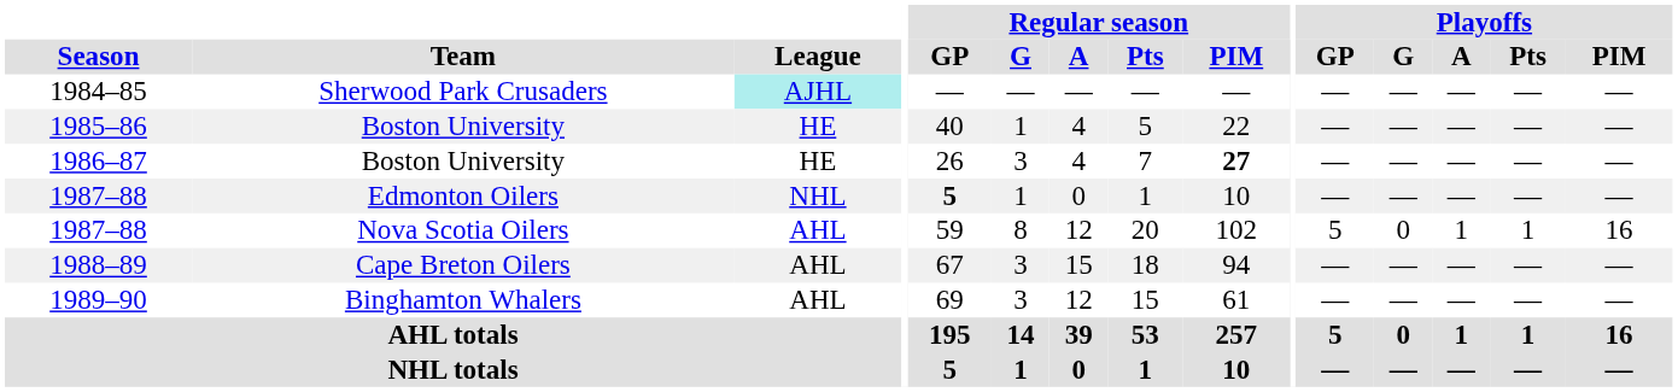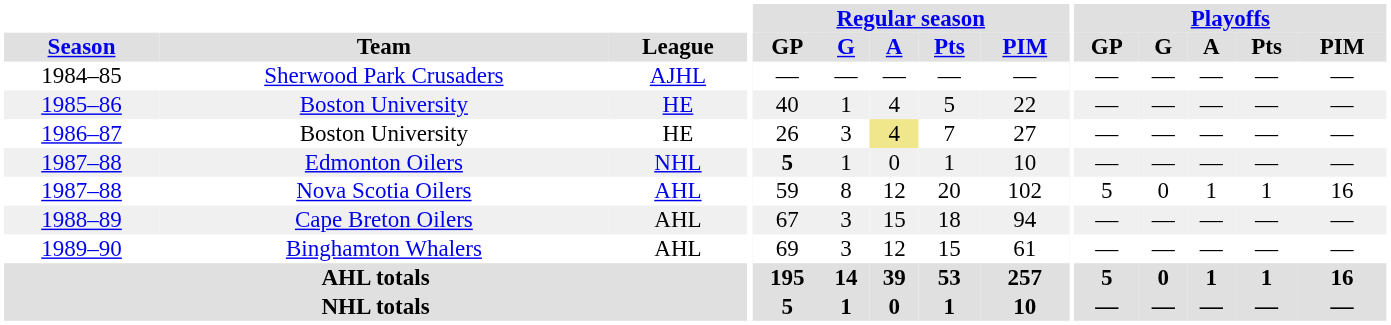 <table border="0" cellpadding="1" cellspacing="0" style="text-align:center; width:60em">
 <tr bgcolor="#e0e0e0">
 <th colspan="3" bgcolor="#ffffff"></th>
 <th rowspan="100" bgcolor="#ffffff"></th>
 <th colspan="5"><a href='#'>Regular season</a></th>
 <th rowspan="100" bgcolor="#ffffff"></th>
 <th colspan="5"><a href='#'>Playoffs</a></th>
 </tr>
 <tr bgcolor="#e0e0e0">
 <th><a href='#'>Season</a></th>
 <th>Team</th>
 <th>League</th>
 <th>GP</th>
 <th><a href='#'>G</a></th>
 <th><a href='#'>A</a></th>
 <th><a href='#'>Pts</a></th>
 <th><a href='#'>PIM</a></th>
 <th>GP</th>
 <th>G</th>
 <th>A</th>
 <th>Pts</th>
 <th>PIM</th>
 </tr>
 <tr>
 <td>1984–85</td>
 <td><a href='#'>Sherwood Park Crusaders</a></td>
-<td style="background: paleturquoise;"><a href='#'>AJHL</a></td>
+<td><a href='#'>AJHL</a></td>
 <td>—</td>
 <td>—</td>
 <td>—</td>
 <td>—</td>
 <td>—</td>
 <td>—</td>
 <td>—</td>
 <td>—</td>
 <td>—</td>
 <td>—</td>
 </tr>
 <tr bgcolor="#f0f0f0">
 <td><a href='#'>1985–86</a></td>
 <td><a href='#'>Boston University</a></td>
 <td><a href='#'>HE</a></td>
 <td>40</td>
 <td>1</td>
 <td>4</td>
 <td>5</td>
 <td>22</td>
 <td>—</td>
 <td>—</td>
 <td>—</td>
 <td>—</td>
 <td>—</td>
 </tr>
 <tr>
 <td><a href='#'>1986–87</a></td>
 <td>Boston University</td>
 <td>HE</td>
 <td>26</td>
 <td>3</td>
-<td>4</td>
+<td style="background: khaki;">4</td>
 <td>7</td>
-<td><strong>27</strong></td>
+<td>27</td>
 <td>—</td>
 <td>—</td>
 <td>—</td>
 <td>—</td>
 <td>—</td>
 </tr>
 <tr bgcolor="#f0f0f0">
 <td><a href='#'>1987–88</a></td>
 <td><a href='#'>Edmonton Oilers</a></td>
 <td><a href='#'>NHL</a></td>
 <td><strong>5</strong></td>
 <td>1</td>
 <td>0</td>
 <td>1</td>
 <td>10</td>
 <td>—</td>
 <td>—</td>
 <td>—</td>
 <td>—</td>
 <td>—</td>
 </tr>
 <tr>
 <td><a href='#'>1987–88</a></td>
 <td><a href='#'>Nova Scotia Oilers</a></td>
 <td><a href='#'>AHL</a></td>
 <td>59</td>
 <td>8</td>
 <td>12</td>
 <td>20</td>
 <td>102</td>
 <td>5</td>
 <td>0</td>
 <td>1</td>
 <td>1</td>
 <td>16</td>
 </tr>
 <tr bgcolor="#f0f0f0">
 <td><a href='#'>1988–89</a></td>
 <td><a href='#'>Cape Breton Oilers</a></td>
 <td>AHL</td>
 <td>67</td>
 <td>3</td>
 <td>15</td>
 <td>18</td>
 <td>94</td>
 <td>—</td>
 <td>—</td>
 <td>—</td>
 <td>—</td>
 <td>—</td>
 </tr>
 <tr>
 <td><a href='#'>1989–90</a></td>
 <td><a href='#'>Binghamton Whalers</a></td>
 <td>AHL</td>
 <td>69</td>
 <td>3</td>
 <td>12</td>
 <td>15</td>
 <td>61</td>
 <td>—</td>
 <td>—</td>
 <td>—</td>
 <td>—</td>
 <td>—</td>
 </tr>
 <tr bgcolor="#e0e0e0">
 <th colspan="3">AHL totals</th>
 <th>195</th>
 <th>14</th>
 <th>39</th>
 <th>53</th>
 <th>257</th>
 <th>5</th>
 <th>0</th>
 <th>1</th>
 <th>1</th>
 <th>16</th>
 </tr>
 <tr bgcolor="#e0e0e0">
 <th colspan="3">NHL totals</th>
 <th>5</th>
 <th>1</th>
 <th>0</th>
 <th>1</th>
 <th>10</th>
 <th>—</th>
 <th>—</th>
 <th>—</th>
 <th>—</th>
 <th>—</th>
 </tr>
 </table>
